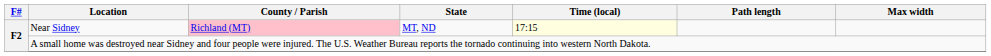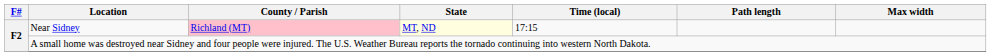 <table class="wikitable sortable" style="width:100%;">
 <tr>
 <th scope="col" align="center"><a href='#'>F#</a><br></th>
 <th scope="col" align="center" class="unsortable">Location</th>
 <th scope="col" align="center" class="unsortable">County / Parish</th>
 <th scope="col" align="center">State</th>
 <th scope="col" align="center">Time (local)</th>
 <th scope="col" align="center">Path length</th>
 <th scope="col" align="center">Max width</th>
 </tr>
 <tr>
 <th scope="row" rowspan="2" style="background-color:#">F2</th>
 <td>Near <a href='#'>Sidney</a></td>
 <td style="background: pink;"><a href='#'>Richland (MT)</a></td>
-<td><a href='#'>MT</a>, <a href='#'>ND</a></td>
-<td style="background: lightyellow;">17:15</td>
+<td style="background: lightyellow;"><a href='#'>MT</a>, <a href='#'>ND</a></td>
+<td>17:15</td>
 <td></td>
 <td></td>
 </tr>
 <tr class="expand-child">
 <td colspan="6" style="border-bottom: 1px solid black;">A small home was destroyed near Sidney and four people were injured. The U.S. Weather Bureau reports the tornado continuing into western North Dakota.</td>
 </tr>
 <tr>
 </tr>
 </table>
